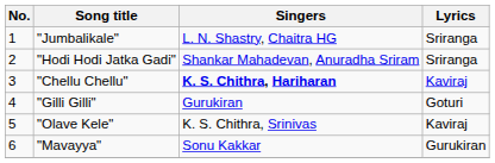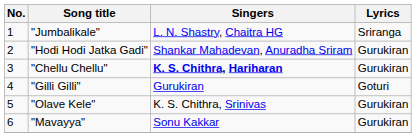 <table class="wikitable">
 <tr>
 <th>No.</th>
 <th>Song title</th>
 <th>Singers</th>
 <th>Lyrics</th>
 </tr>
 <tr>
 <td>1</td>
 <td>"Jumbalikale"</td>
 <td><a href='#'>L. N. Shastry</a>, <a href='#'>Chaitra HG</a></td>
 <td>Sriranga</td>
 </tr>
 <tr>
 <td>2</td>
 <td>"Hodi Hodi Jatka Gadi"</td>
 <td><a href='#'>Shankar Mahadevan</a>, <a href='#'>Anuradha Sriram</a></td>
-<td>Sriranga</td>
+<td>Gurukiran</td>
 </tr>
 <tr>
 <td>3</td>
 <td>"Chellu Chellu"</td>
 <td><strong><a href='#'>K. S. Chithra</a>, <a href='#'>Hariharan</a></strong></td>
-<td><a href='#'>Kaviraj</a></td>
+<td>Gurukiran</td>
 </tr>
 <tr>
 <td>4</td>
 <td>"Gilli Gilli"</td>
 <td><a href='#'>Gurukiran</a></td>
 <td>Goturi</td>
 </tr>
 <tr>
 <td>5</td>
 <td>"Olave Kele"</td>
 <td>K. S. Chithra, <a href='#'>Srinivas</a></td>
-<td>Kaviraj</td>
+<td>Gurukiran</td>
 </tr>
 <tr>
 <td>6</td>
 <td>"Mavayya"</td>
 <td><a href='#'>Sonu Kakkar</a></td>
 <td>Gurukiran</td>
 </tr>
 <tr>
 </tr>
 </table>
